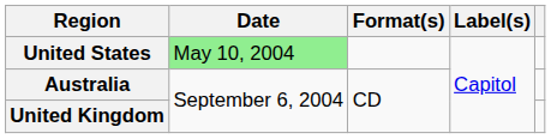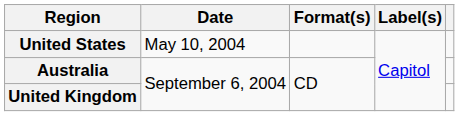 <table class="wikitable plainrowheaders">
 <tr>
 <th scope="col">Region</th>
 <th scope="col">Date</th>
 <th scope="col">Format(s)</th>
 <th scope="col">Label(s)</th>
 <th scope="col"></th>
 </tr>
 <tr>
 <th scope="row">United States</th>
-<td style="background: lightgreen;">May 10, 2004</td>
+<td>May 10, 2004</td>
 <td></td>
 <td rowspan="3"><a href='#'>Capitol</a></td>
 <td></td>
 </tr>
 <tr>
 <th scope="row">Australia</th>
 <td rowspan="2">September 6, 2004</td>
 <td rowspan="2">CD</td>
 <td></td>
 </tr>
 <tr>
 <th scope="row">United Kingdom</th>
 <td></td>
 </tr>
 </table>
